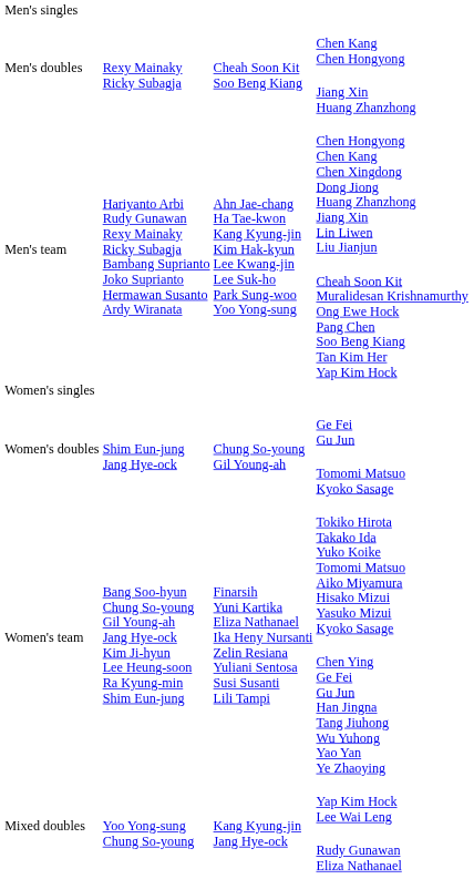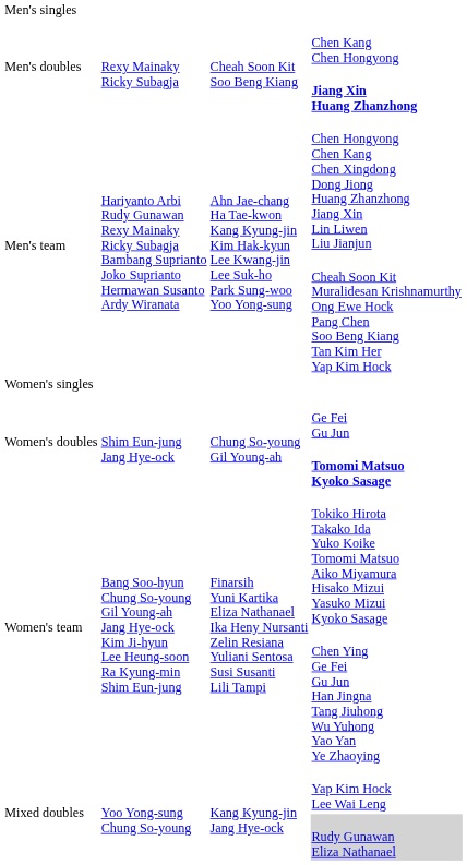 <table>
 <tr>
 <td rowspan=2>Men's singles<br></td>
 <td rowspan=2></td>
 <td rowspan=2></td>
 <td></td>
 </tr>
 <tr>
 <td></td>
 </tr>
 <tr>
 <td rowspan=2>Men's doubles<br></td>
 <td rowspan=2><br><a href='#'>Rexy Mainaky</a><br><a href='#'>Ricky Subagja</a></td>
 <td rowspan=2><br><a href='#'>Cheah Soon Kit</a><br><a href='#'>Soo Beng Kiang</a></td>
 <td><br><a href='#'>Chen Kang</a><br><a href='#'>Chen Hongyong</a></td>
 </tr>
 <tr>
-<td><br><a href='#'>Jiang Xin</a><br><a href='#'>Huang Zhanzhong</a></td>
+<td><strong><br><a href='#'>Jiang Xin</a><br><a href='#'>Huang Zhanzhong</a></strong></td>
 </tr>
 <tr>
 <td rowspan=2>Men's team<br></td>
 <td rowspan=2><br><a href='#'>Hariyanto Arbi</a><br><a href='#'>Rudy Gunawan</a><br><a href='#'>Rexy Mainaky</a><br><a href='#'>Ricky Subagja</a><br><a href='#'>Bambang Suprianto</a><br><a href='#'>Joko Suprianto</a><br><a href='#'>Hermawan Susanto</a><br><a href='#'>Ardy Wiranata</a></td>
 <td rowspan=2><br><a href='#'>Ahn Jae-chang</a><br><a href='#'>Ha Tae-kwon</a><br><a href='#'>Kang Kyung-jin</a><br><a href='#'>Kim Hak-kyun</a><br><a href='#'>Lee Kwang-jin</a><br><a href='#'>Lee Suk-ho</a><br><a href='#'>Park Sung-woo</a><br><a href='#'>Yoo Yong-sung</a></td>
 <td><br><a href='#'>Chen Hongyong</a><br><a href='#'>Chen Kang</a><br><a href='#'>Chen Xingdong</a><br><a href='#'>Dong Jiong</a><br><a href='#'>Huang Zhanzhong</a><br><a href='#'>Jiang Xin</a><br><a href='#'>Lin Liwen</a><br><a href='#'>Liu Jianjun</a></td>
 </tr>
 <tr>
 <td><br><a href='#'>Cheah Soon Kit</a><br><a href='#'>Muralidesan Krishnamurthy</a><br><a href='#'>Ong Ewe Hock</a><br><a href='#'>Pang Chen</a><br><a href='#'>Soo Beng Kiang</a><br><a href='#'>Tan Kim Her</a><br><a href='#'>Yap Kim Hock</a></td>
 </tr>
 <tr>
 <td rowspan=2>Women's singles<br></td>
 <td rowspan=2></td>
 <td rowspan=2></td>
 <td></td>
 </tr>
 <tr>
 <td></td>
 </tr>
 <tr>
 <td rowspan=2>Women's doubles<br></td>
 <td rowspan=2><br><a href='#'>Shim Eun-jung</a><br><a href='#'>Jang Hye-ock</a></td>
 <td rowspan=2><br><a href='#'>Chung So-young</a><br><a href='#'>Gil Young-ah</a></td>
 <td><br><a href='#'>Ge Fei</a><br><a href='#'>Gu Jun</a></td>
 </tr>
 <tr>
-<td><br><a href='#'>Tomomi Matsuo</a><br><a href='#'>Kyoko Sasage</a></td>
+<td><strong><br><a href='#'>Tomomi Matsuo</a><br><a href='#'>Kyoko Sasage</a></strong></td>
 </tr>
 <tr>
 <td rowspan=2>Women's team<br></td>
 <td rowspan=2><br><a href='#'>Bang Soo-hyun</a><br><a href='#'>Chung So-young</a><br><a href='#'>Gil Young-ah</a><br><a href='#'>Jang Hye-ock</a><br><a href='#'>Kim Ji-hyun</a><br><a href='#'>Lee Heung-soon</a><br><a href='#'>Ra Kyung-min</a><br><a href='#'>Shim Eun-jung</a></td>
 <td rowspan=2><br><a href='#'>Finarsih</a><br><a href='#'>Yuni Kartika</a><br><a href='#'>Eliza Nathanael</a><br><a href='#'>Ika Heny Nursanti</a><br><a href='#'>Zelin Resiana</a><br><a href='#'>Yuliani Sentosa</a><br><a href='#'>Susi Susanti</a><br><a href='#'>Lili Tampi</a></td>
 <td><br><a href='#'>Tokiko Hirota</a><br><a href='#'>Takako Ida</a><br><a href='#'>Yuko Koike</a><br><a href='#'>Tomomi Matsuo</a><br><a href='#'>Aiko Miyamura</a><br><a href='#'>Hisako Mizui</a><br><a href='#'>Yasuko Mizui</a><br><a href='#'>Kyoko Sasage</a></td>
 </tr>
 <tr>
 <td><br><a href='#'>Chen Ying</a><br><a href='#'>Ge Fei</a><br><a href='#'>Gu Jun</a><br><a href='#'>Han Jingna</a><br><a href='#'>Tang Jiuhong</a><br><a href='#'>Wu Yuhong</a><br><a href='#'>Yao Yan</a><br><a href='#'>Ye Zhaoying</a></td>
 </tr>
 <tr>
 <td rowspan=2>Mixed doubles<br></td>
 <td rowspan=2><br><a href='#'>Yoo Yong-sung</a><br><a href='#'>Chung So-young</a></td>
 <td rowspan=2><br><a href='#'>Kang Kyung-jin</a><br><a href='#'>Jang Hye-ock</a></td>
 <td><br><a href='#'>Yap Kim Hock</a><br><a href='#'>Lee Wai Leng</a></td>
 </tr>
 <tr>
-<td><br><a href='#'>Rudy Gunawan</a><br><a href='#'>Eliza Nathanael</a></td>
+<td style="background: lightgrey;"><br><a href='#'>Rudy Gunawan</a><br><a href='#'>Eliza Nathanael</a></td>
 </tr>
 </table>
